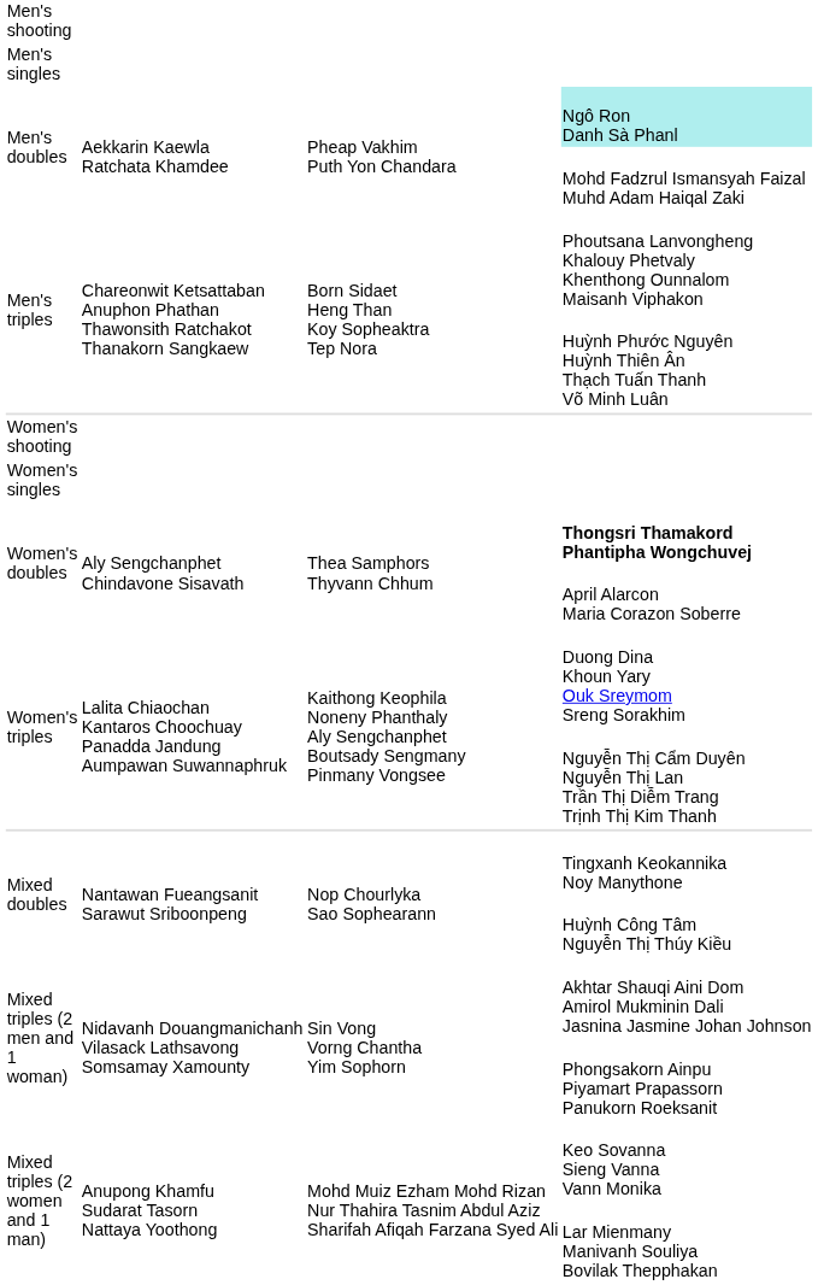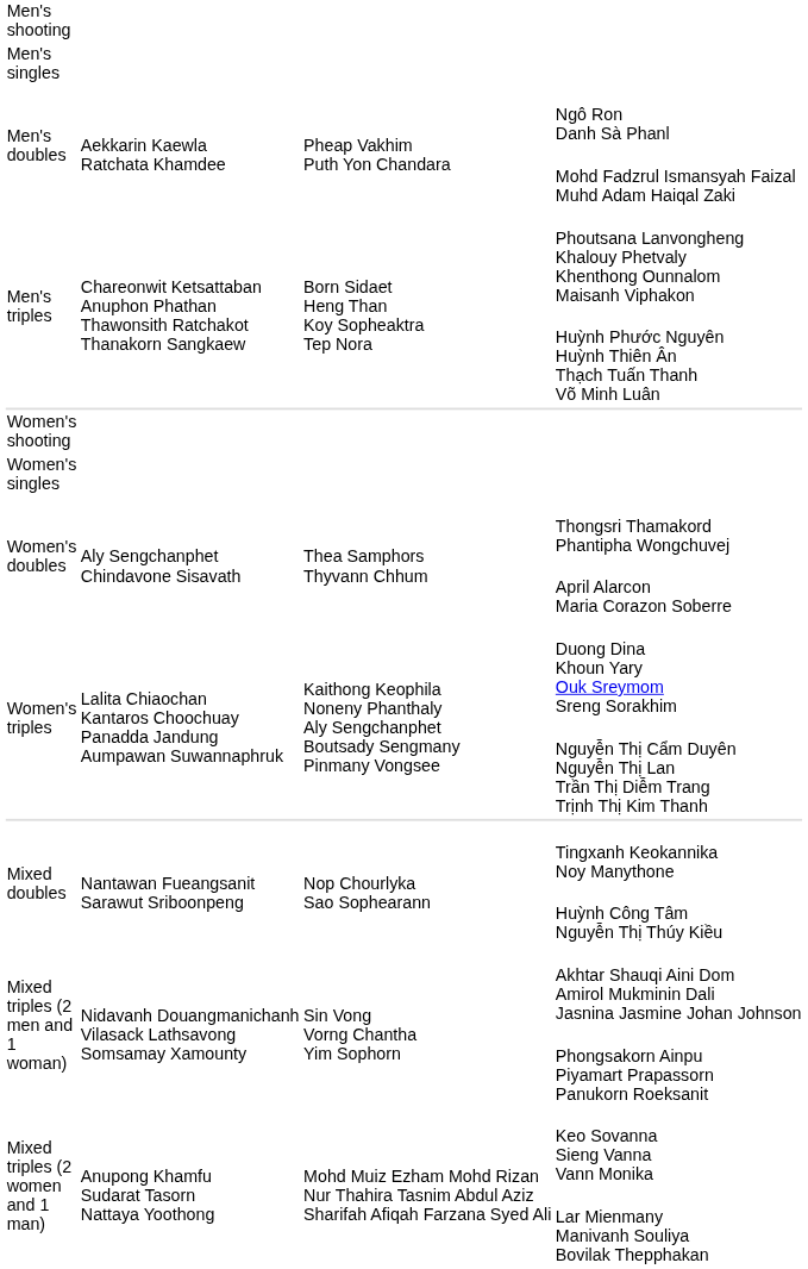 <table>
 <tr>
 <td rowspan=2>Men's shooting</td>
 <td rowspan=2></td>
 <td rowspan=2></td>
 <td></td>
 </tr>
 <tr>
 <td></td>
 </tr>
 <tr>
 <td rowspan=2>Men's singles</td>
 <td rowspan=2></td>
 <td rowspan=2></td>
 <td></td>
 </tr>
 <tr>
 <td></td>
 </tr>
 <tr>
 <td rowspan=2>Men's doubles</td>
 <td rowspan=2><br>Aekkarin Kaewla<br>Ratchata Khamdee</td>
 <td rowspan=2><br>Pheap Vakhim<br>Puth Yon Chandara</td>
-<td style="background: paleturquoise;"><br>Ngô Ron<br>Danh Sà Phanl</td>
+<td><br>Ngô Ron<br>Danh Sà Phanl</td>
 </tr>
 <tr>
 <td nowrap><br>Mohd Fadzrul Ismansyah Faizal<br>Muhd Adam Haiqal Zaki</td>
 </tr>
 <tr>
 <td rowspan=2>Men's triples</td>
 <td rowspan=2><br>Chareonwit Ketsattaban<br>Anuphon Phathan<br>Thawonsith Ratchakot<br>Thanakorn Sangkaew</td>
 <td rowspan=2><br>Born Sidaet<br>Heng Than<br>Koy Sopheaktra<br>Tep Nora</td>
 <td><br>Phoutsana Lanvongheng<br>Khalouy Phetvaly<br>Khenthong Ounnalom<br>Maisanh Viphakon</td>
 </tr>
 <tr>
 <td><br>Huỳnh Phước Nguyên<br>Huỳnh Thiên Ân<br>Thạch Tuấn Thanh<br>Võ Minh Luân</td>
 </tr>
 <tr bgcolor=#dddddd>
 <td colspan=4></td>
 </tr>
 <tr>
 <td rowspan=2>Women's shooting</td>
 <td rowspan=2></td>
 <td rowspan=2></td>
 <td></td>
 </tr>
 <tr>
 <td></td>
 </tr>
 <tr>
 <td rowspan=2>Women's singles</td>
 <td rowspan=2></td>
 <td rowspan=2></td>
 <td></td>
 </tr>
 <tr>
 <td></td>
 </tr>
 <tr>
 <td rowspan=2>Women's doubles</td>
 <td rowspan=2><br>Aly Sengchanphet<br>Chindavone Sisavath</td>
 <td rowspan=2><br>Thea Samphors<br>Thyvann Chhum</td>
-<td><strong><br>Thongsri Thamakord<br>Phantipha Wongchuvej</strong></td>
+<td><br>Thongsri Thamakord<br>Phantipha Wongchuvej</td>
 </tr>
 <tr>
 <td><br>April Alarcon<br>Maria Corazon Soberre</td>
 </tr>
 <tr>
 <td rowspan=2>Women's triples</td>
 <td rowspan=2><br>Lalita Chiaochan<br>Kantaros Choochuay<br>Panadda Jandung<br>Aumpawan Suwannaphruk</td>
 <td rowspan=2><br>Kaithong Keophila<br>Noneny Phanthaly<br>Aly Sengchanphet<br>Boutsady Sengmany<br>Pinmany Vongsee</td>
 <td><br>Duong Dina<br>Khoun Yary<br><a href='#'>Ouk Sreymom</a><br>Sreng Sorakhim</td>
 </tr>
 <tr>
 <td><br>Nguyễn Thị Cẩm Duyên<br>Nguyễn Thị Lan<br>Trần Thị Diễm Trang<br>Trịnh Thị Kim Thanh</td>
 </tr>
 <tr bgcolor=#dddddd>
 <td colspan=4></td>
 </tr>
 <tr>
 <td rowspan=2>Mixed doubles</td>
 <td rowspan=2><br>Nantawan Fueangsanit<br>Sarawut Sriboonpeng</td>
 <td rowspan=2><br>Nop Chourlyka<br>Sao Sophearann</td>
 <td><br>Tingxanh Keokannika<br>Noy Manythone</td>
 </tr>
 <tr>
 <td><br>Huỳnh Công Tâm<br>Nguyễn Thị Thúy Kiều</td>
 </tr>
 <tr>
 <td rowspan=2>Mixed triples (2 men and 1 woman)</td>
 <td rowspan=2 nowrap><br>Nidavanh Douangmanichanh<br>Vilasack Lathsavong<br>Somsamay Xamounty</td>
 <td rowspan=2><br>Sin Vong<br>Vorng Chantha<br>Yim Sophorn</td>
 <td nowrap><br>Akhtar Shauqi Aini Dom<br>Amirol Mukminin Dali<br>Jasnina Jasmine Johan Johnson</td>
 </tr>
 <tr>
 <td><br>Phongsakorn Ainpu<br>Piyamart Prapassorn<br>Panukorn Roeksanit</td>
 </tr>
 <tr>
 <td rowspan=2>Mixed triples (2 women and 1 man)</td>
 <td rowspan=2><br>Anupong Khamfu<br>Sudarat Tasorn<br>Nattaya Yoothong</td>
 <td rowspan=2 nowrap><br>Mohd Muiz Ezham Mohd Rizan<br>Nur Thahira Tasnim Abdul Aziz<br>Sharifah Afiqah Farzana Syed Ali</td>
 <td><br>Keo Sovanna<br>Sieng Vanna<br>Vann Monika</td>
 </tr>
 <tr>
 <td><br>Lar Mienmany<br>Manivanh Souliya<br>Bovilak Thepphakan</td>
 </tr>
 </table>
